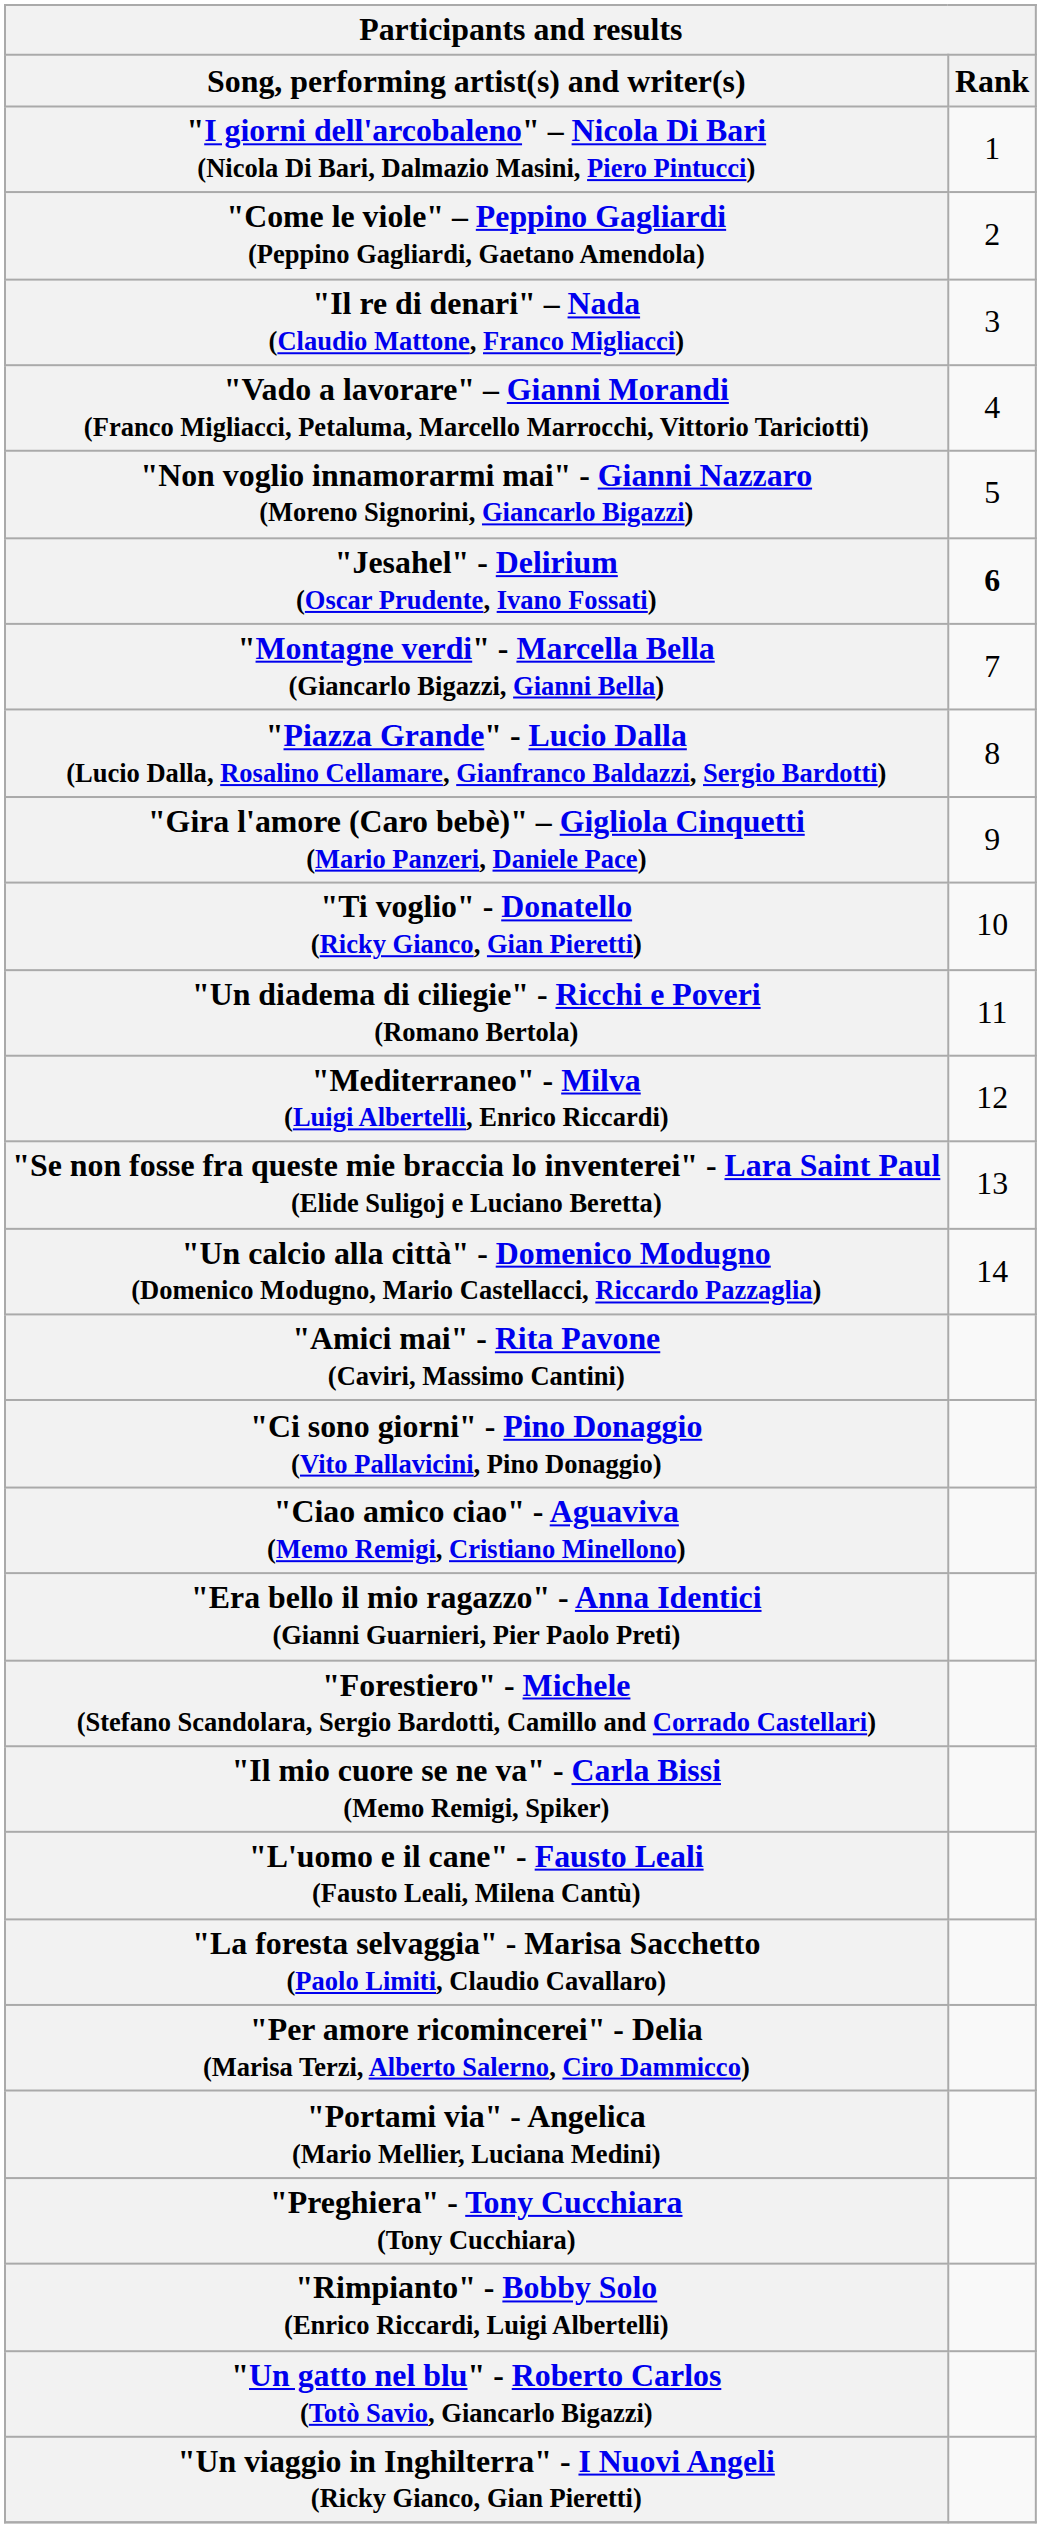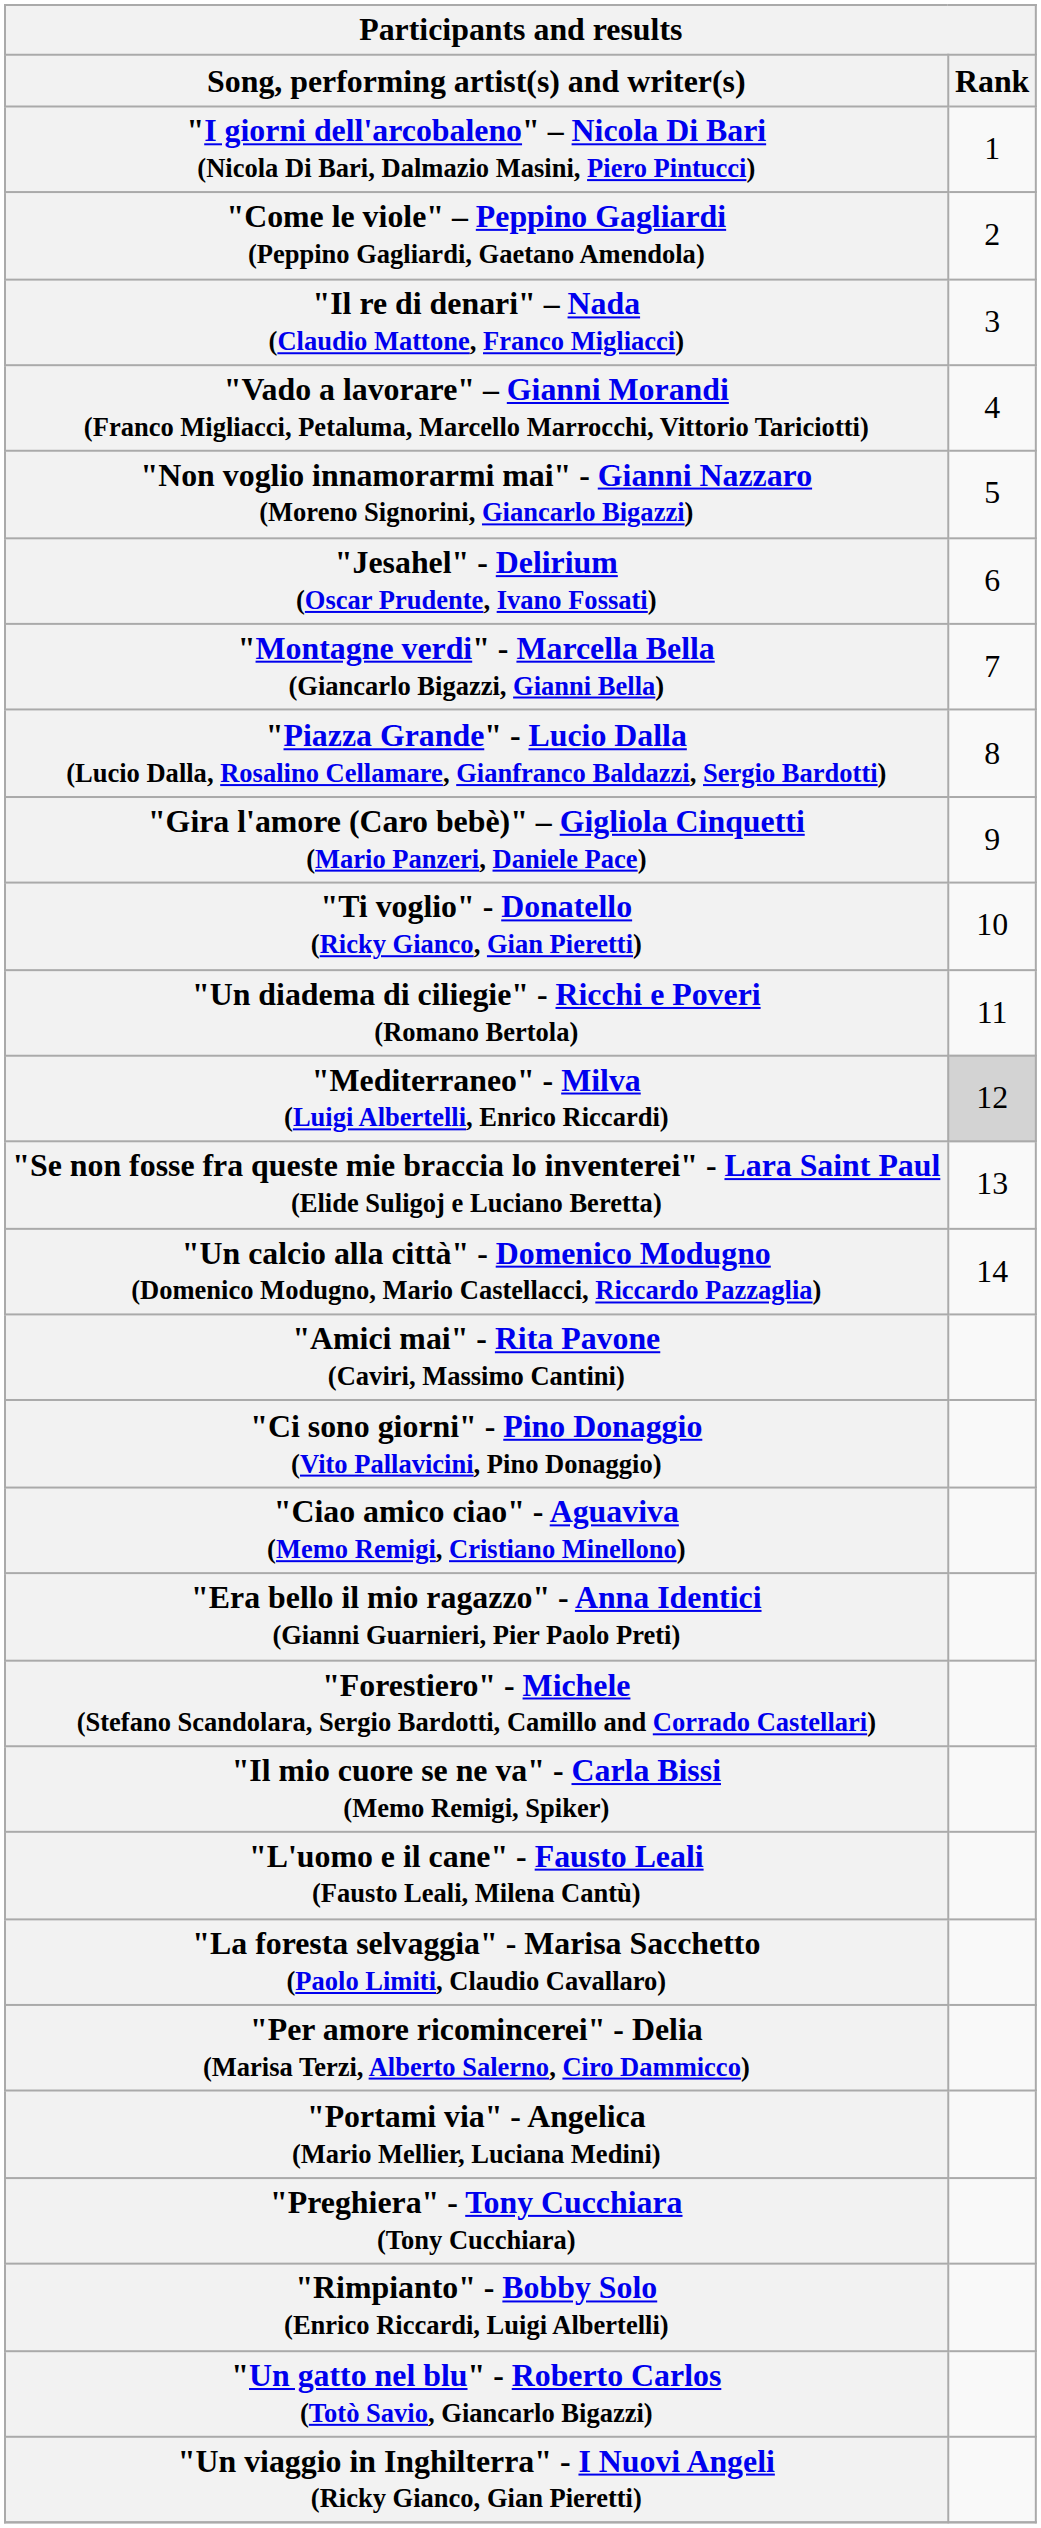 <table class="plainrowheaders wikitable">
 <tr>
 <th colspan="3">Participants and results</th>
 </tr>
 <tr>
 <th>Song, performing artist(s) and writer(s)</th>
 <th>Rank</th>
 </tr>
 <tr>
 <th scope="row">"<a href='#'>I giorni dell'arcobaleno</a>" –  <a href='#'>Nicola Di Bari</a>  <br><small> 	(Nicola Di Bari, Dalmazio Masini, <a href='#'>Piero Pintucci</a>)</small></th>
 <td style="text-align:center;">1</td>
 </tr>
 <tr>
 <th scope="row">"Come le viole" – <a href='#'>Peppino Gagliardi</a>  <br><small>(Peppino Gagliardi, Gaetano Amendola)</small></th>
 <td style="text-align:center;">2</td>
 </tr>
 <tr>
 <th scope="row">"Il re di denari" – <a href='#'>Nada</a>  <br><small> 	 	(<a href='#'>Claudio Mattone</a>, <a href='#'>Franco Migliacci</a>) </small></th>
 <td style="text-align:center;">3</td>
 </tr>
 <tr>
 <th scope="row">"Vado a lavorare"  –  	<a href='#'>Gianni Morandi</a> <br><small> 	(Franco Migliacci, Petaluma, Marcello Marrocchi, Vittorio Tariciotti)</small></th>
 <td style="text-align:center;">4</td>
 </tr>
 <tr>
 <th scope="row">"Non voglio innamorarmi mai" -  	 	<a href='#'>Gianni Nazzaro</a> <br><small>(Moreno Signorini, <a href='#'>Giancarlo Bigazzi</a>) </small></th>
 <td style="text-align:center;">5</td>
 </tr>
 <tr>
 <th scope="row">"Jesahel" -  	 	<a href='#'>Delirium</a> <br><small>(<a href='#'>Oscar Prudente</a>, <a href='#'>Ivano Fossati</a>)</small></th>
-<td style="text-align:center;"><strong>6</strong></td>
+<td style="text-align:center;">6</td>
 </tr>
 <tr>
 <th scope="row">"<a href='#'>Montagne verdi</a>" -   	 	<a href='#'>Marcella Bella</a> <br><small> (Giancarlo Bigazzi, <a href='#'>Gianni Bella</a>) </small></th>
 <td style="text-align:center;">7</td>
 </tr>
 <tr>
 <th scope="row">"<a href='#'>Piazza Grande</a>" -   	<a href='#'>Lucio Dalla</a>  <br><small> 	(Lucio Dalla, <a href='#'>Rosalino Cellamare</a>, <a href='#'>Gianfranco Baldazzi</a>, <a href='#'>Sergio Bardotti</a>) </small></th>
 <td style="text-align:center;">8</td>
 </tr>
 <tr>
 <th scope="row">"Gira l'amore (Caro bebè)" – 	 <a href='#'>Gigliola Cinquetti</a>  <br><small> 	 	(<a href='#'>Mario Panzeri</a>, <a href='#'>Daniele Pace</a>) </small></th>
 <td style="text-align:center;">9</td>
 </tr>
 <tr>
 <th scope="row">"Ti voglio" -  	<a href='#'>Donatello</a>  <br><small> 	(<a href='#'>Ricky Gianco</a>, <a href='#'>Gian Pieretti</a>) </small></th>
 <td style="text-align:center;">10</td>
 </tr>
 <tr>
 <th scope="row">"Un diadema di ciliegie" -  	 <a href='#'>Ricchi e Poveri</a> <br><small>  	(Romano Bertola)</small></th>
 <td style="text-align:center;">11</td>
 </tr>
 <tr>
 <th scope="row">"Mediterraneo" -  	<a href='#'>Milva</a> <br><small> 	(<a href='#'>Luigi Albertelli</a>, Enrico Riccardi) </small></th>
-<td style="text-align:center;">12</td>
+<td style="background: lightgrey; text-align:center;">12</td>
 </tr>
 <tr>
 <th scope="row">"Se non fosse fra queste mie braccia lo inventerei" - <a href='#'>Lara Saint Paul</a> <br><small> 	(Elide Suligoj e Luciano Beretta) </small></th>
 <td style="text-align:center;">13</td>
 </tr>
 <tr>
 <th scope="row">"Un calcio alla città" - <a href='#'>Domenico Modugno</a> <br><small> 	(Domenico Modugno, Mario Castellacci, <a href='#'>Riccardo Pazzaglia</a>) </small></th>
 <td style="text-align:center;">14</td>
 </tr>
 <tr>
 <th scope="row">"Amici mai" - <a href='#'>Rita Pavone</a> <br><small> 	(Caviri, Massimo Cantini) </small></th>
 <td></td>
 </tr>
 <tr>
 <th scope="row">"Ci sono giorni" - <a href='#'>Pino Donaggio</a> <br><small> 	(<a href='#'>Vito Pallavicini</a>, Pino Donaggio)</small></th>
 <td></td>
 </tr>
 <tr>
 <th scope="row">"Ciao amico ciao" -   	<a href='#'>Aguaviva</a> <br><small> (<a href='#'>Memo Remigi</a>, <a href='#'>Cristiano Minellono</a>) </small></th>
 <td></td>
 </tr>
 <tr>
 <th scope="row">"Era bello il mio ragazzo" - <a href='#'>Anna Identici</a> <br><small> (Gianni Guarnieri, Pier Paolo Preti) </small></th>
 <td></td>
 </tr>
 <tr>
 <th scope="row">"Forestiero" -  <a href='#'>Michele</a>  <br><small> 	(Stefano Scandolara, Sergio Bardotti, Camillo and <a href='#'>Corrado Castellari</a>) 	 </small></th>
 <td></td>
 </tr>
 <tr>
 <th scope="row">"Il mio cuore se ne va" -  	<a href='#'>Carla Bissi</a> <br><small> (Memo Remigi, Spiker) </small></th>
 <td></td>
 </tr>
 <tr>
 <th scope="row">"L'uomo e il cane" - <a href='#'>Fausto Leali</a> <br><small> 	(Fausto Leali, Milena Cantù)</small></th>
 <td></td>
 </tr>
 <tr>
 <th scope="row">"La foresta selvaggia" -   	Marisa Sacchetto <br><small> 	(<a href='#'>Paolo Limiti</a>, Claudio Cavallaro) </small></th>
 <td></td>
 </tr>
 <tr>
 <th scope="row">"Per amore ricomincerei" -   	 	Delia <br><small> 	(Marisa Terzi, <a href='#'>Alberto Salerno</a>, <a href='#'>Ciro Dammicco</a>) </small></th>
 <td></td>
 </tr>
 <tr>
 <th scope="row">"Portami via" -   	Angelica <br><small> 	(Mario Mellier, Luciana Medini) </small></th>
 <td></td>
 </tr>
 <tr>
 <th scope="row">"Preghiera" -   <a href='#'>Tony Cucchiara</a> <br><small> 	(Tony Cucchiara) </small></th>
 <td></td>
 </tr>
 <tr>
 <th scope="row">"Rimpianto" -   <a href='#'>Bobby Solo</a> <br><small> 	(Enrico Riccardi, Luigi Albertelli) </small></th>
 <td></td>
 </tr>
 <tr>
 <th scope="row">"<a href='#'>Un gatto nel blu</a>" -   	<a href='#'>Roberto Carlos</a> <br><small> 	(<a href='#'>Totò Savio</a>, Giancarlo Bigazzi) </small></th>
 <td></td>
 </tr>
 <tr>
 <th scope="row">"Un viaggio in Inghilterra" -   	 <a href='#'>I Nuovi Angeli</a>  <br><small> 	 	(Ricky Gianco, Gian Pieretti) </small></th>
 <td></td>
 </tr>
 <tr>
 </tr>
 </table>
